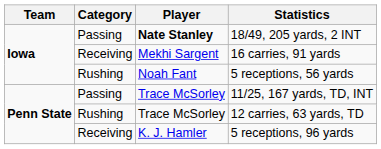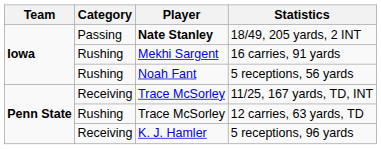 <table class="wikitable" style="float: left;">
 <tr>
 <th>Team</th>
 <th>Category</th>
 <th>Player</th>
 <th>Statistics</th>
 </tr>
 <tr>
 <td rowspan=3><strong>Iowa</strong></td>
 <td>Passing</td>
 <td><strong>Nate Stanley</strong></td>
 <td>18/49, 205 yards, 2 INT</td>
 </tr>
 <tr>
-<td>Receiving</td>
+<td>Rushing</td>
 <td><a href='#'>Mekhi Sargent</a></td>
 <td>16 carries, 91 yards</td>
 </tr>
 <tr>
 <td>Rushing</td>
 <td><a href='#'>Noah Fant</a></td>
 <td>5 receptions, 56 yards</td>
 </tr>
 <tr>
 <td rowspan=3><strong>Penn State</strong></td>
-<td>Passing</td>
+<td>Receiving</td>
 <td><a href='#'>Trace McSorley</a></td>
 <td>11/25, 167 yards, TD, INT</td>
 </tr>
 <tr>
 <td>Rushing</td>
 <td>Trace McSorley</td>
 <td>12 carries, 63 yards, TD</td>
 </tr>
 <tr>
 <td>Receiving</td>
 <td><a href='#'>K. J. Hamler</a></td>
 <td>5 receptions, 96 yards</td>
 </tr>
 </table>
